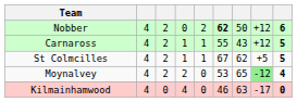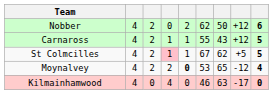 <table class="wikitable" style="text-align:center">
 <tr>
 <th width="175">Team</th>
 <th width="20"></th>
 <th width="20"></th>
 <th width="20"></th>
 <th width="20"></th>
 <th width="20"></th>
 <th width="20"></th>
 <th width="20"></th>
 <th width="20"></th>
 </tr>
 <tr bgcolor="ccffcc">
 <td>Nobber</td>
 <td>4</td>
 <td>2</td>
 <td>0</td>
 <td>2</td>
-<td><strong>62</strong></td>
+<td>62</td>
 <td>50</td>
 <td>+12</td>
 <td><strong>6</strong></td>
 </tr>
 <tr bgcolor="ccffcc">
 <td>Carnaross</td>
 <td>4</td>
 <td>2</td>
 <td>1</td>
 <td>1</td>
 <td>55</td>
 <td>43</td>
 <td>+12</td>
 <td><strong>5</strong></td>
 </tr>
 <tr>
 <td>St Colmcilles</td>
 <td>4</td>
 <td>2</td>
-<td>1</td>
+<td style="background: pink;">1</td>
 <td>1</td>
 <td>67</td>
 <td>62</td>
 <td>+5</td>
 <td><strong>5</strong></td>
 </tr>
 <tr>
 <td>Moynalvey</td>
 <td>4</td>
 <td>2</td>
 <td>2</td>
-<td>0</td>
+<td><strong>0</strong></td>
 <td>53</td>
 <td>65</td>
-<td style="background: lightgreen;">-12</td>
+<td>-12</td>
 <td><strong>4</strong></td>
 </tr>
 <tr bgcolor="ffcccc">
 <td>Kilmainhamwood</td>
 <td>4</td>
 <td>0</td>
 <td>4</td>
 <td>0</td>
 <td>46</td>
 <td>63</td>
 <td>-17</td>
 <td><strong>0</strong></td>
 </tr>
 </table>
